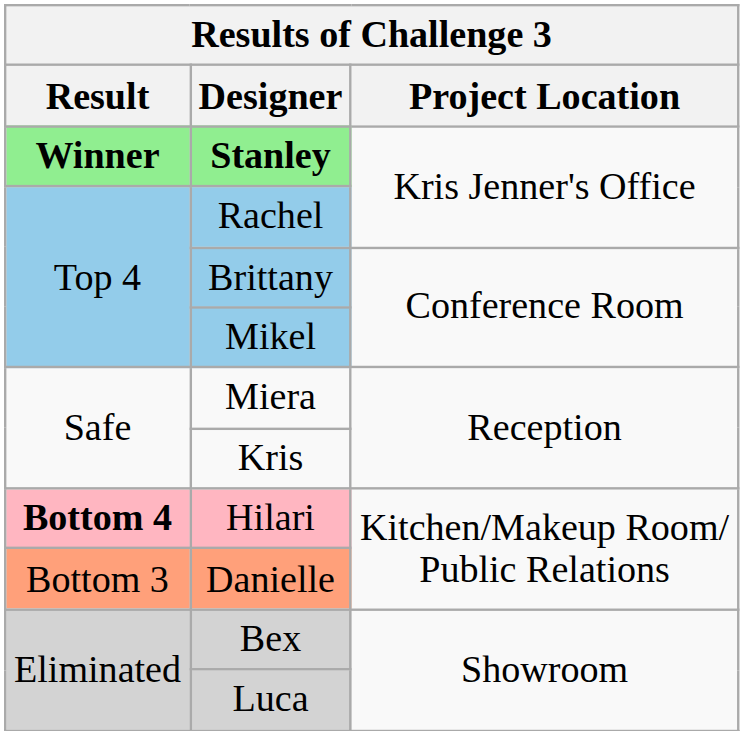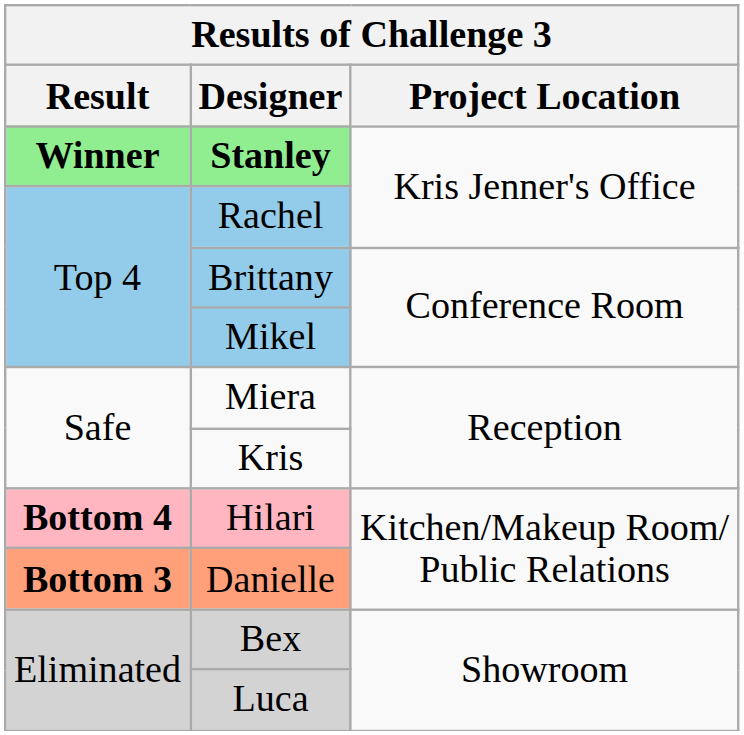 <table class="wikitable" style="text-align:center">
 <tr>
 <th colspan="3">Results of Challenge 3</th>
 </tr>
 <tr>
 <th>Result</th>
 <th>Designer</th>
 <th>Project Location</th>
 </tr>
 <tr>
 <td bgcolor="lightgreen"><strong>Winner</strong></td>
 <td bgcolor="lightgreen"><strong>Stanley</strong></td>
 <td rowspan="2">Kris Jenner's Office</td>
 </tr>
 <tr>
 <td rowspan="3" bgcolor="#93CCEA">Top 4</td>
 <td bgcolor="#93CCEA">Rachel</td>
 </tr>
 <tr>
 <td bgcolor="#93CCEA">Brittany</td>
 <td rowspan="2">Conference Room</td>
 </tr>
 <tr>
 <td bgcolor="#93CCEA">Mikel</td>
 </tr>
 <tr>
 <td rowspan="2">Safe</td>
 <td>Miera</td>
 <td rowspan="2">Reception</td>
 </tr>
 <tr>
 <td>Kris</td>
 </tr>
 <tr>
 <td bgcolor="#FFB6C1"><strong>Bottom 4</strong></td>
 <td bgcolor="#FFB6C1">Hilari</td>
 <td rowspan="2">Kitchen/Makeup Room/<br>Public Relations</td>
 </tr>
 <tr>
-<td bgcolor="#FFA07A">Bottom 3</td>
+<td bgcolor="#FFA07A"><strong>Bottom 3</strong></td>
 <td bgcolor="#FFA07A">Danielle</td>
 </tr>
 <tr>
 <td bgcolor="lightgrey" rowspan="2">Eliminated</td>
 <td bgcolor="lightgrey">Bex</td>
 <td rowspan="2">Showroom</td>
 </tr>
 <tr>
 <td bgcolor="lightgrey">Luca</td>
 </tr>
 <tr>
 </tr>
 </table>
